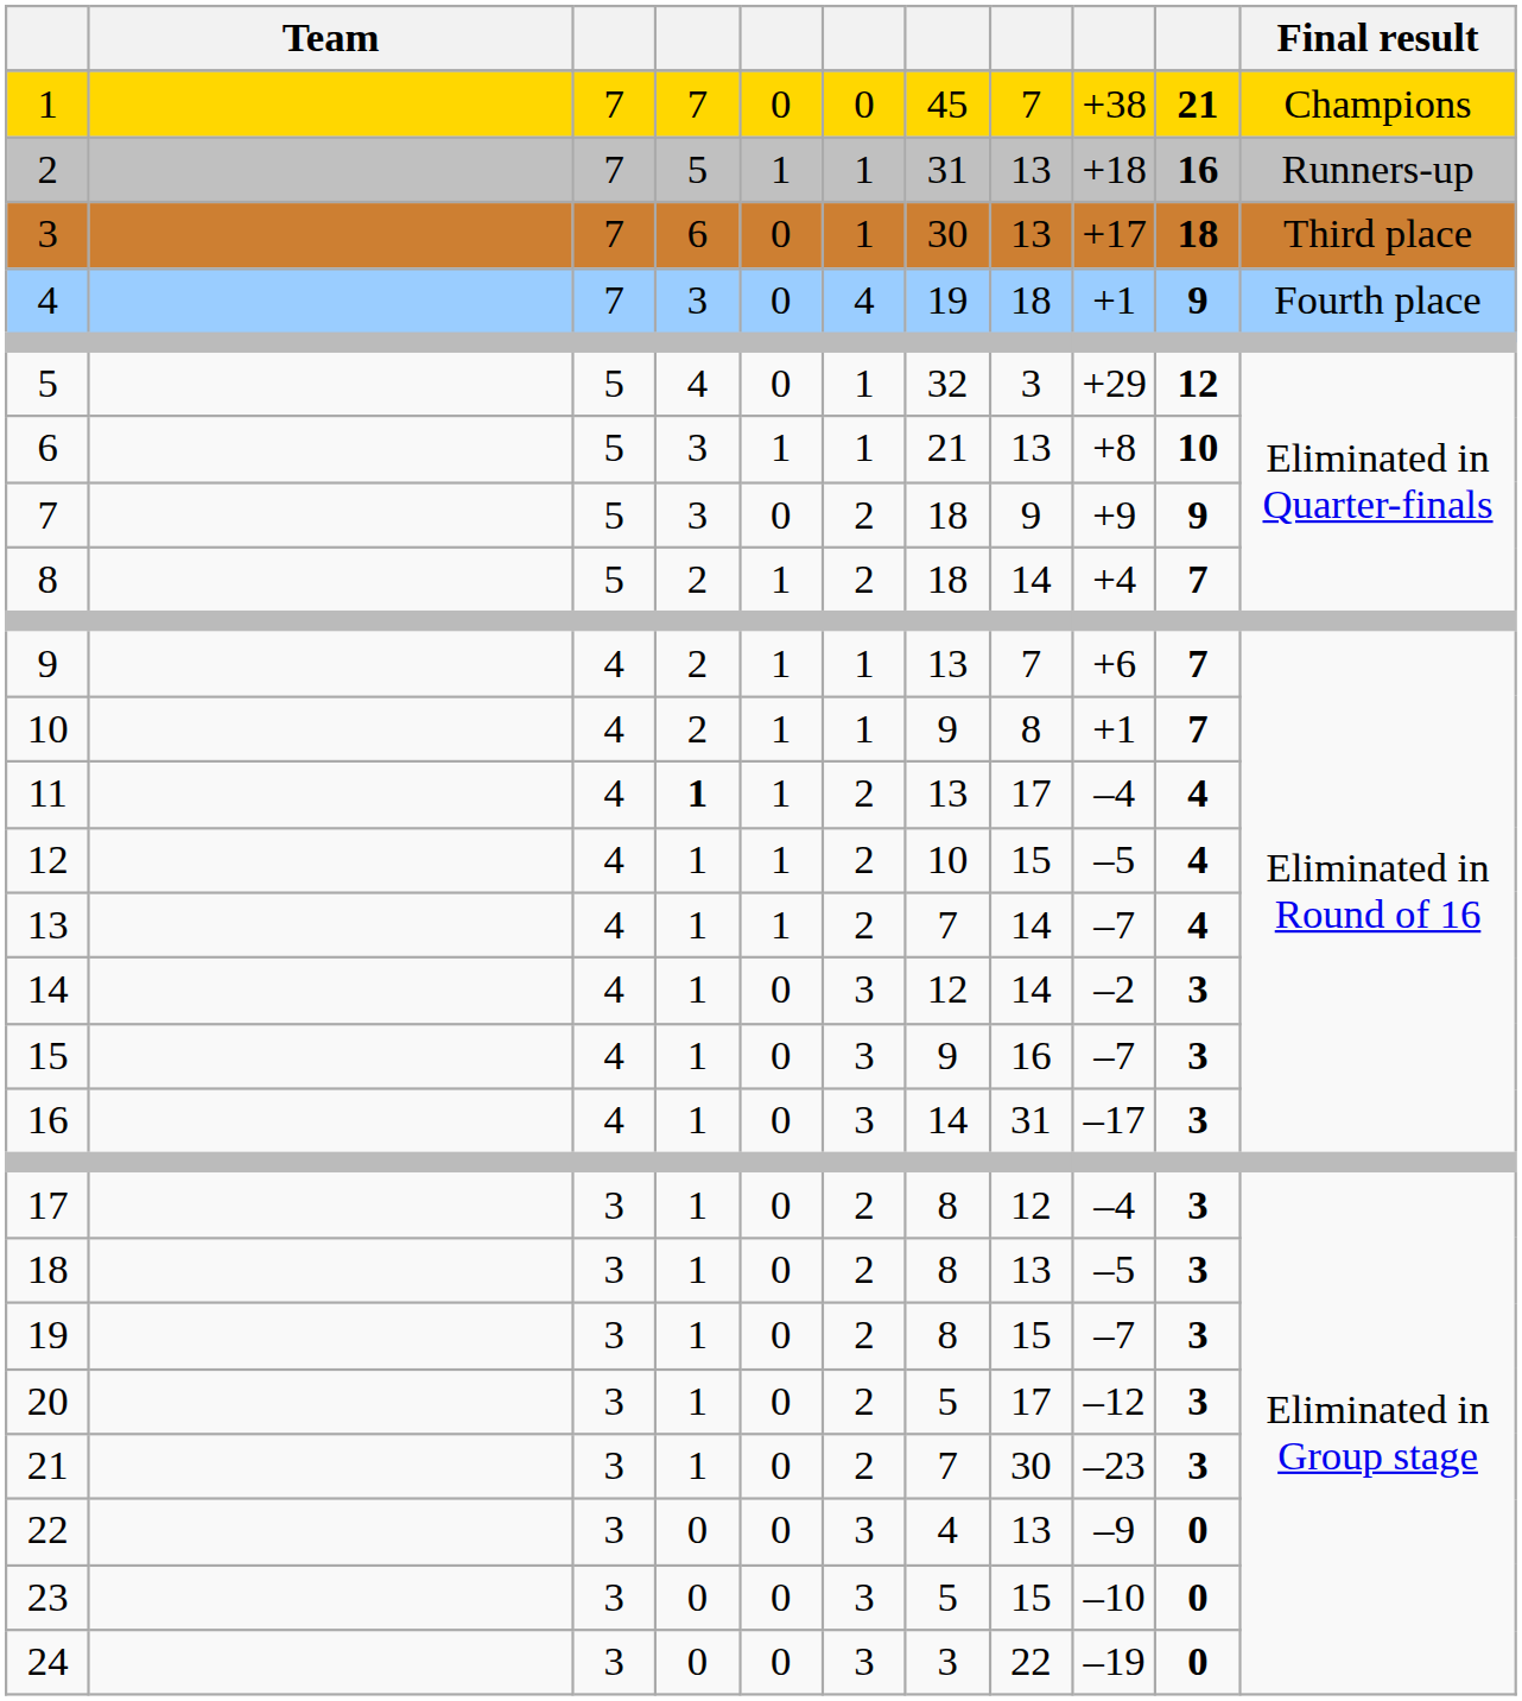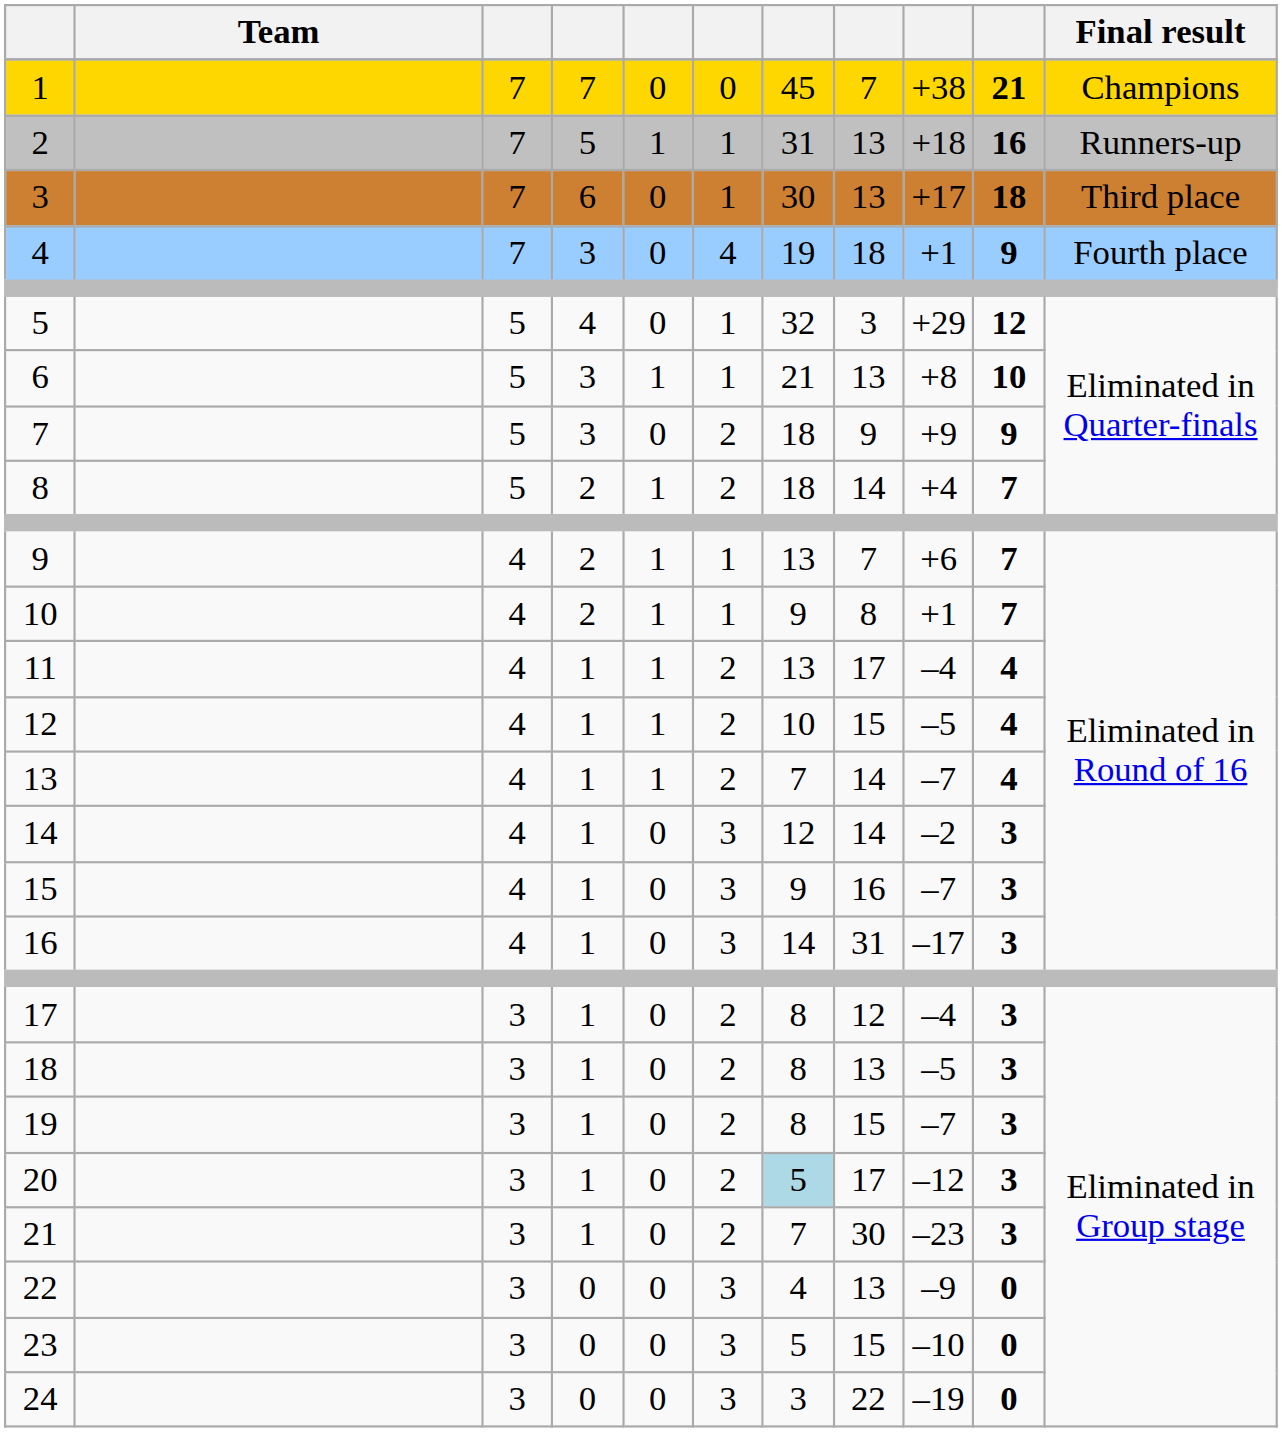 <table class=wikitable style="text-align:center">
 <tr>
 <th width="25"></th>
 <th width="180">Team</th>
 <th width="25"></th>
 <th width="25"></th>
 <th width="25"></th>
 <th width="25"></th>
 <th width="25"></th>
 <th width="25"></th>
 <th width="25"></th>
 <th width="25"></th>
 <th width="100">Final result</th>
 </tr>
 <tr>
 </tr>
 <tr style="background: #FFD700;">
 <td>1</td>
 <td align=left></td>
 <td>7</td>
 <td>7</td>
 <td>0</td>
 <td>0</td>
 <td>45</td>
 <td>7</td>
 <td>+38</td>
 <td><strong>21</strong></td>
 <td>Champions</td>
 </tr>
 <tr style="background: #C0C0C0;">
 <td>2</td>
 <td align=left></td>
 <td>7</td>
 <td>5</td>
 <td>1</td>
 <td>1</td>
 <td>31</td>
 <td>13</td>
 <td>+18</td>
 <td><strong>16</strong></td>
 <td>Runners-up</td>
 </tr>
 <tr style="background: #CD7F32;">
 <td>3</td>
 <td align=left></td>
 <td>7</td>
 <td>6</td>
 <td>0</td>
 <td>1</td>
 <td>30</td>
 <td>13</td>
 <td>+17</td>
 <td><strong>18</strong></td>
 <td>Third place</td>
 </tr>
 <tr bgcolor=#9acdff>
 <td>4</td>
 <td align=left></td>
 <td>7</td>
 <td>3</td>
 <td>0</td>
 <td>4</td>
 <td>19</td>
 <td>18</td>
 <td>+1</td>
 <td><strong>9</strong></td>
 <td>Fourth place</td>
 </tr>
 <tr style="border-top:8px solid #BBBBBB;">
 <td>5</td>
 <td align=left></td>
 <td>5</td>
 <td>4</td>
 <td>0</td>
 <td>1</td>
 <td>32</td>
 <td>3</td>
 <td>+29</td>
 <td><strong>12</strong></td>
 <td rowspan=4>Eliminated in <a href='#'>Quarter-finals</a></td>
 </tr>
 <tr>
 <td>6</td>
 <td align=left></td>
 <td>5</td>
 <td>3</td>
 <td>1</td>
 <td>1</td>
 <td>21</td>
 <td>13</td>
 <td>+8</td>
 <td><strong>10</strong></td>
 </tr>
 <tr>
 <td>7</td>
 <td align=left></td>
 <td>5</td>
 <td>3</td>
 <td>0</td>
 <td>2</td>
 <td>18</td>
 <td>9</td>
 <td>+9</td>
 <td><strong>9</strong></td>
 </tr>
 <tr>
 <td>8</td>
 <td align=left></td>
 <td>5</td>
 <td>2</td>
 <td>1</td>
 <td>2</td>
 <td>18</td>
 <td>14</td>
 <td>+4</td>
 <td><strong>7</strong></td>
 </tr>
 <tr style="border-top:8px solid #BBBBBB;">
 <td>9</td>
 <td align=left></td>
 <td>4</td>
 <td>2</td>
 <td>1</td>
 <td>1</td>
 <td>13</td>
 <td>7</td>
 <td>+6</td>
 <td><strong>7</strong></td>
 <td rowspan=8>Eliminated in <a href='#'>Round of 16</a></td>
 </tr>
 <tr>
 <td>10</td>
 <td align=left></td>
 <td>4</td>
 <td>2</td>
 <td>1</td>
 <td>1</td>
 <td>9</td>
 <td>8</td>
 <td>+1</td>
 <td><strong>7</strong></td>
 </tr>
 <tr>
 <td>11</td>
 <td align=left></td>
 <td>4</td>
-<td><strong>1</strong></td>
+<td>1</td>
 <td>1</td>
 <td>2</td>
 <td>13</td>
 <td>17</td>
 <td>–4</td>
 <td><strong>4</strong></td>
 </tr>
 <tr>
 <td>12</td>
 <td align=left></td>
 <td>4</td>
 <td>1</td>
 <td>1</td>
 <td>2</td>
 <td>10</td>
 <td>15</td>
 <td>–5</td>
 <td><strong>4</strong></td>
 </tr>
 <tr>
 <td>13</td>
 <td align=left></td>
 <td>4</td>
 <td>1</td>
 <td>1</td>
 <td>2</td>
 <td>7</td>
 <td>14</td>
 <td>–7</td>
 <td><strong>4</strong></td>
 </tr>
 <tr>
 <td>14</td>
 <td align=left></td>
 <td>4</td>
 <td>1</td>
 <td>0</td>
 <td>3</td>
 <td>12</td>
 <td>14</td>
 <td>–2</td>
 <td><strong>3</strong></td>
 </tr>
 <tr>
 <td>15</td>
 <td align=left></td>
 <td>4</td>
 <td>1</td>
 <td>0</td>
 <td>3</td>
 <td>9</td>
 <td>16</td>
 <td>–7</td>
 <td><strong>3</strong></td>
 </tr>
 <tr>
 <td>16</td>
 <td align=left></td>
 <td>4</td>
 <td>1</td>
 <td>0</td>
 <td>3</td>
 <td>14</td>
 <td>31</td>
 <td>–17</td>
 <td><strong>3</strong></td>
 </tr>
 <tr style="border-top:8px solid #BBBBBB;">
 <td>17</td>
 <td align=left></td>
 <td>3</td>
 <td>1</td>
 <td>0</td>
 <td>2</td>
 <td>8</td>
 <td>12</td>
 <td>–4</td>
 <td><strong>3</strong></td>
 <td rowspan=8>Eliminated in <a href='#'>Group stage</a></td>
 </tr>
 <tr>
 <td>18</td>
 <td align=left></td>
 <td>3</td>
 <td>1</td>
 <td>0</td>
 <td>2</td>
 <td>8</td>
 <td>13</td>
 <td>–5</td>
 <td><strong>3</strong></td>
 </tr>
 <tr>
 <td>19</td>
 <td align=left></td>
 <td>3</td>
 <td>1</td>
 <td>0</td>
 <td>2</td>
 <td>8</td>
 <td>15</td>
 <td>–7</td>
 <td><strong>3</strong></td>
 </tr>
 <tr>
 <td>20</td>
 <td align=left></td>
 <td>3</td>
 <td>1</td>
 <td>0</td>
 <td>2</td>
-<td>5</td>
+<td style="background: lightblue;">5</td>
 <td>17</td>
 <td>–12</td>
 <td><strong>3</strong></td>
 </tr>
 <tr>
 <td>21</td>
 <td align=left></td>
 <td>3</td>
 <td>1</td>
 <td>0</td>
 <td>2</td>
 <td>7</td>
 <td>30</td>
 <td>–23</td>
 <td><strong>3</strong></td>
 </tr>
 <tr>
 <td>22</td>
 <td align=left></td>
 <td>3</td>
 <td>0</td>
 <td>0</td>
 <td>3</td>
 <td>4</td>
 <td>13</td>
 <td>–9</td>
 <td><strong>0</strong></td>
 </tr>
 <tr>
 <td>23</td>
 <td align=left></td>
 <td>3</td>
 <td>0</td>
 <td>0</td>
 <td>3</td>
 <td>5</td>
 <td>15</td>
 <td>–10</td>
 <td><strong>0</strong></td>
 </tr>
 <tr>
 <td>24</td>
 <td align=left></td>
 <td>3</td>
 <td>0</td>
 <td>0</td>
 <td>3</td>
 <td>3</td>
 <td>22</td>
 <td>–19</td>
 <td><strong>0</strong></td>
 </tr>
 </table>
